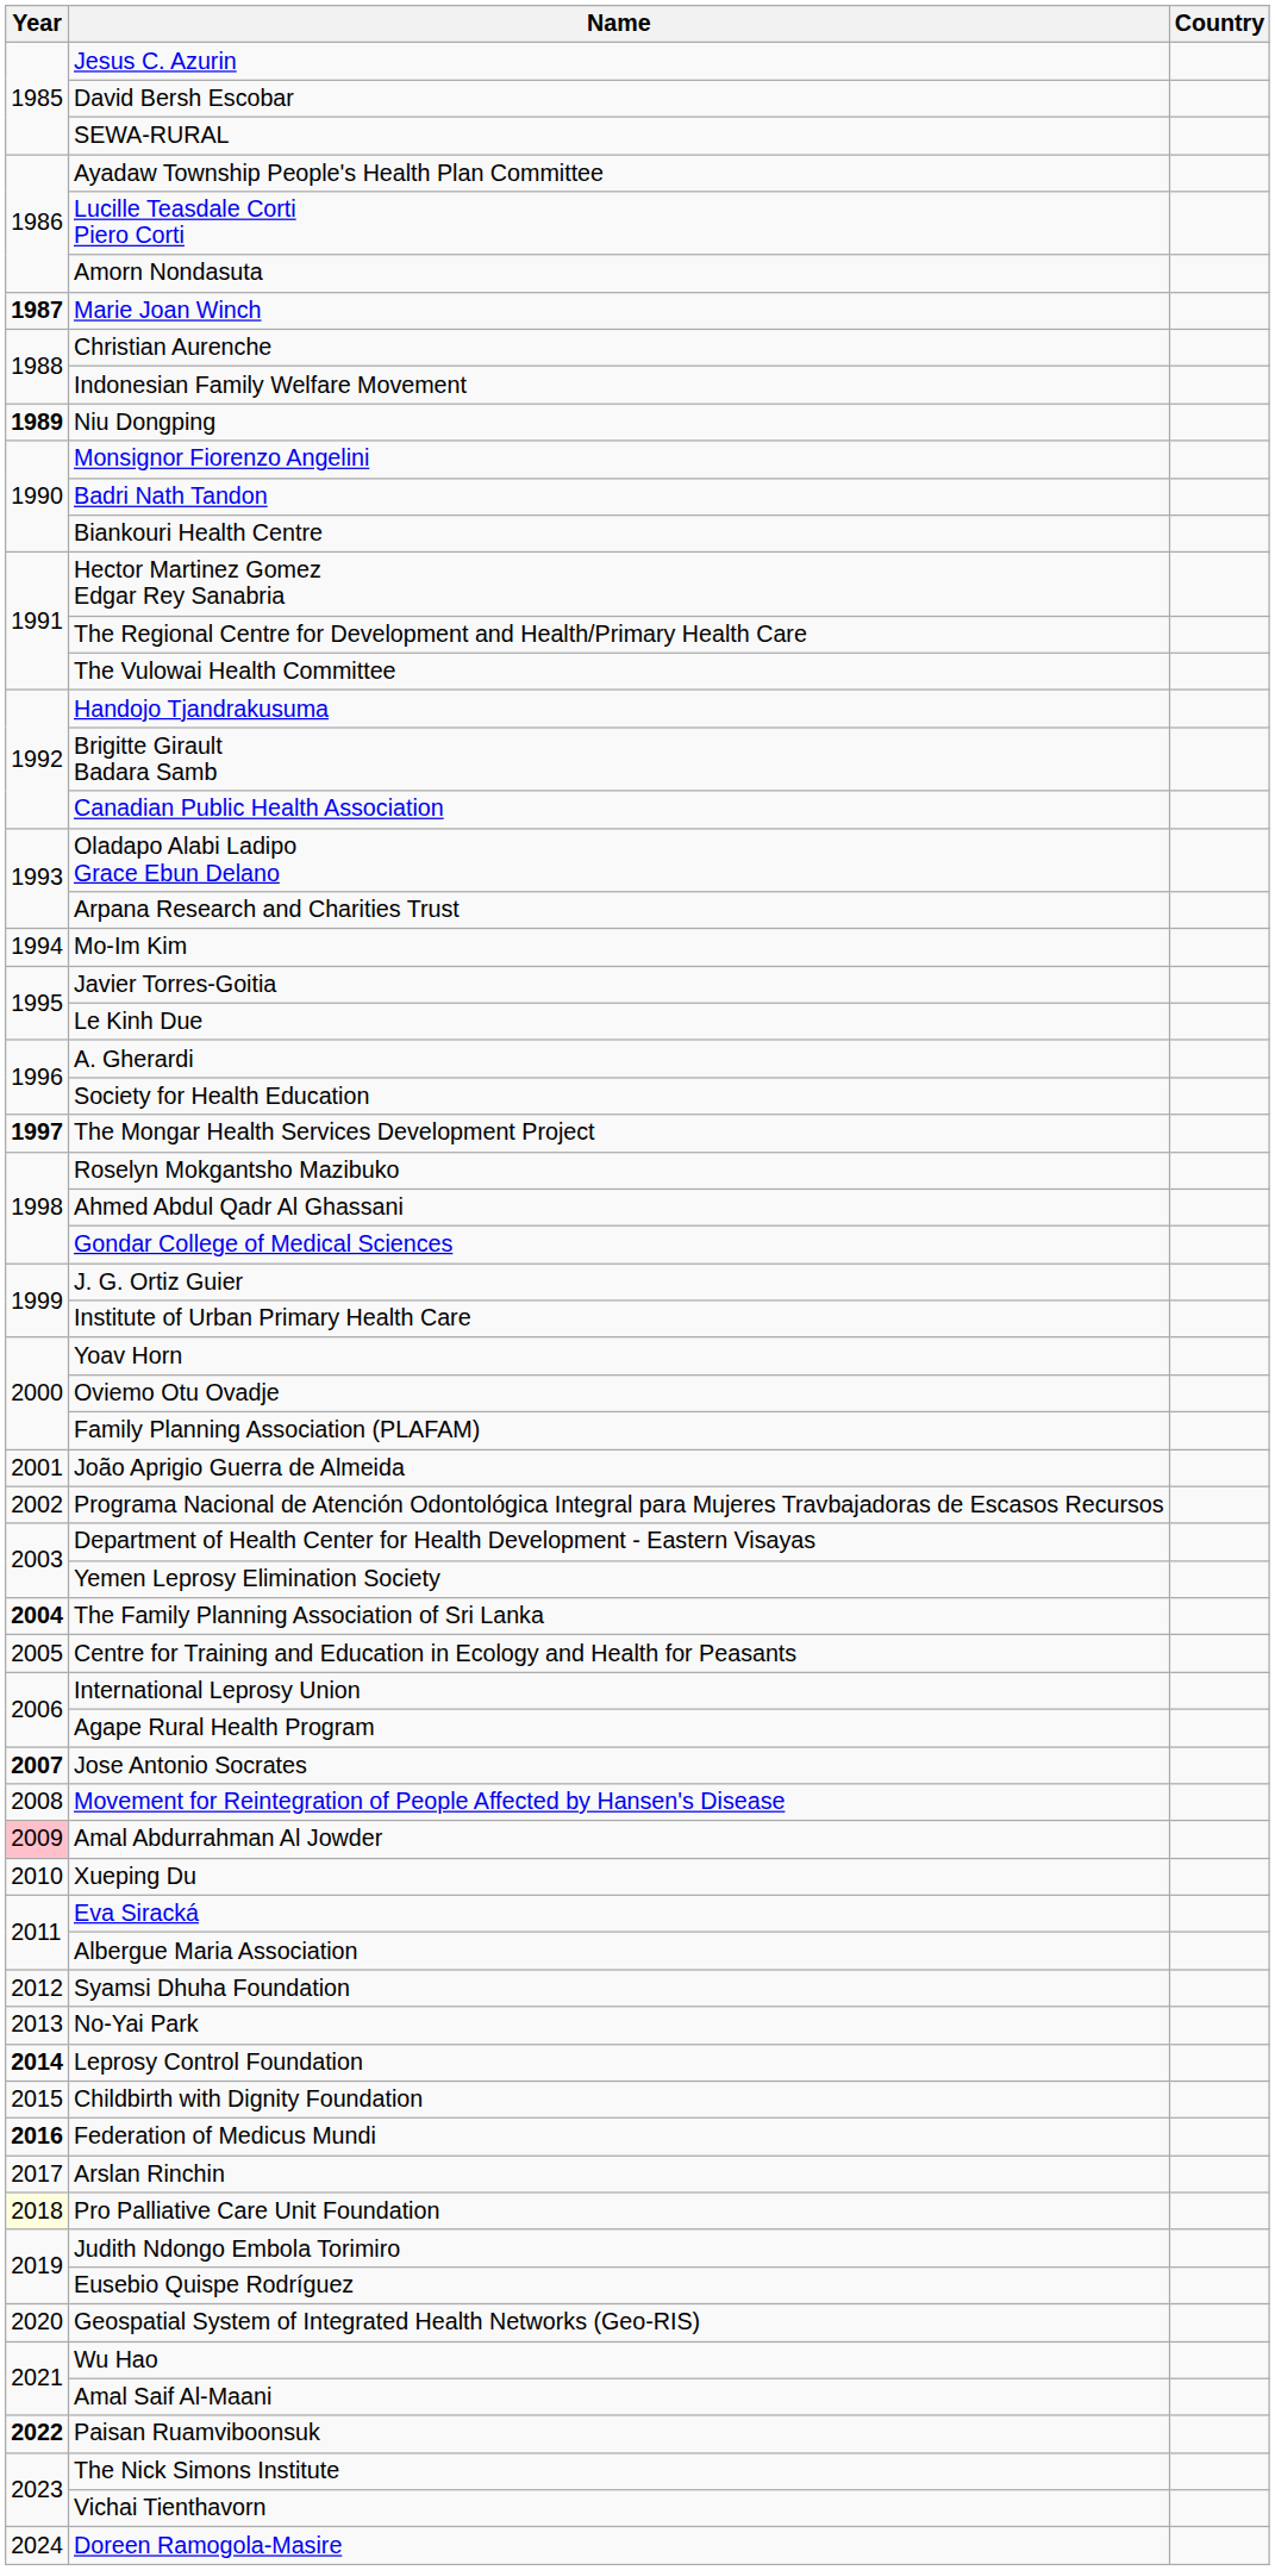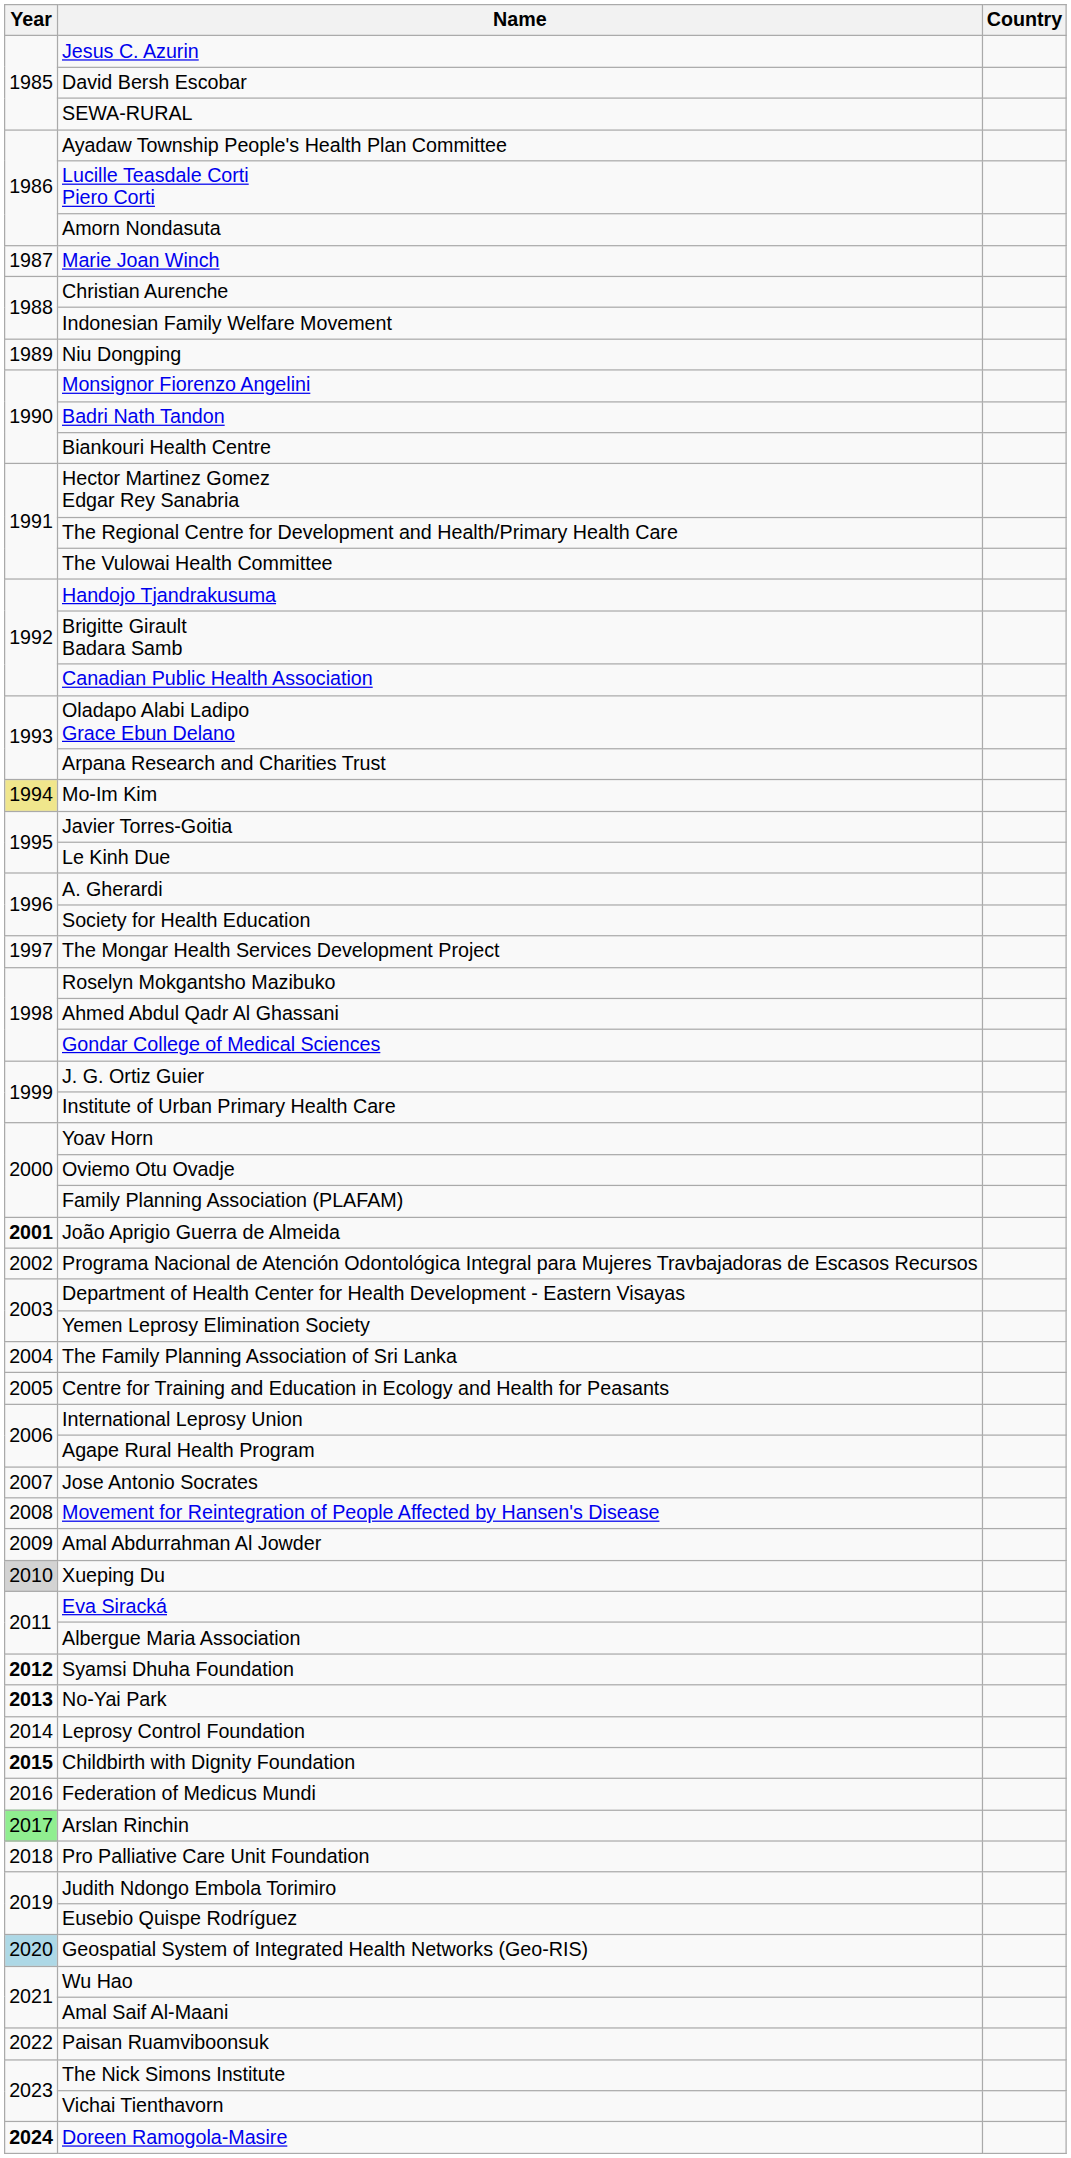 <table class="wikitable plainrowheaders sortable">
 <tr>
 <th>Year</th>
 <th>Name</th>
 <th>Country</th>
 </tr>
 <tr>
 <td rowspan="3" id="1985_">1985</td>
 <td><a href='#'>Jesus C. Azurin</a></td>
 <td></td>
 </tr>
 <tr>
 <td>David Bersh Escobar</td>
 <td></td>
 </tr>
 <tr>
 <td>SEWA-RURAL</td>
 <td></td>
 </tr>
 <tr>
 <td rowspan="3" id="1986_">1986</td>
 <td>Ayadaw Township People's Health Plan Committee</td>
 <td></td>
 </tr>
 <tr>
 <td><a href='#'>Lucille Teasdale Corti</a><br><a href='#'>Piero Corti</a></td>
 <td></td>
 </tr>
 <tr>
 <td>Amorn Nondasuta</td>
 <td></td>
 </tr>
 <tr>
-<td><strong>1987</strong></td>
+<td>1987</td>
 <td><a href='#'>Marie Joan Winch</a></td>
 <td></td>
 </tr>
 <tr>
 <td rowspan="2" id="1988_">1988</td>
 <td>Christian Aurenche</td>
 <td><br></td>
 </tr>
 <tr>
 <td>Indonesian Family Welfare Movement</td>
 <td></td>
 </tr>
 <tr>
-<td><strong>1989</strong></td>
+<td>1989</td>
 <td>Niu Dongping</td>
 <td></td>
 </tr>
 <tr>
 <td rowspan="3" id="1990_">1990</td>
 <td><a href='#'>Monsignor Fiorenzo Angelini</a></td>
 <td></td>
 </tr>
 <tr>
 <td><a href='#'>Badri Nath Tandon</a></td>
 <td></td>
 </tr>
 <tr>
 <td>Biankouri Health Centre</td>
 <td></td>
 </tr>
 <tr>
 <td rowspan="3" id="1991">1991</td>
 <td>Hector Martinez Gomez<br>Edgar Rey Sanabria</td>
 <td></td>
 </tr>
 <tr>
 <td>The Regional Centre for Development and Health/Primary Health Care</td>
 <td></td>
 </tr>
 <tr>
 <td>The Vulowai Health Committee</td>
 <td></td>
 </tr>
 <tr>
 <td rowspan="3" id="1992_">1992</td>
 <td><a href='#'>Handojo Tjandrakusuma</a></td>
 <td></td>
 </tr>
 <tr>
 <td>Brigitte Girault <br>Badara Samb</td>
 <td></td>
 </tr>
 <tr>
 <td><a href='#'>Canadian Public Health Association</a></td>
 <td></td>
 </tr>
 <tr>
 <td rowspan="2" id="1993_">1993</td>
 <td>Oladapo Alabi Ladipo<br><a href='#'>Grace Ebun Delano</a></td>
 <td></td>
 </tr>
 <tr>
 <td>Arpana Research and Charities Trust</td>
 <td></td>
 </tr>
 <tr>
-<td>1994</td>
+<td style="background: khaki;">1994</td>
 <td>Mo-Im Kim</td>
 <td></td>
 </tr>
 <tr>
 <td rowspan="2" id="1995_">1995</td>
 <td>Javier Torres-Goitia</td>
 <td></td>
 </tr>
 <tr>
 <td>Le Kinh Due</td>
 <td></td>
 </tr>
 <tr>
 <td rowspan="2" id="1996_">1996</td>
 <td>A. Gherardi</td>
 <td></td>
 </tr>
 <tr>
 <td>Society for Health Education</td>
 <td></td>
 </tr>
 <tr>
-<td><strong>1997</strong></td>
+<td>1997</td>
 <td>The Mongar Health Services Development Project</td>
 <td></td>
 </tr>
 <tr>
 <td rowspan="3" id="1998_">1998</td>
 <td>Roselyn Mokgantsho Mazibuko</td>
 <td></td>
 </tr>
 <tr>
 <td>Ahmed Abdul Qadr Al Ghassani</td>
 <td></td>
 </tr>
 <tr>
 <td><a href='#'>Gondar College of Medical Sciences</a></td>
 <td></td>
 </tr>
 <tr>
 <td rowspan="2" id="1999_">1999</td>
 <td>J. G. Ortiz Guier</td>
 <td></td>
 </tr>
 <tr>
 <td>Institute of Urban Primary Health Care</td>
 <td></td>
 </tr>
 <tr>
 <td rowspan="3" id="2000_">2000</td>
 <td>Yoav Horn</td>
 <td></td>
 </tr>
 <tr>
 <td>Oviemo Otu Ovadje</td>
 <td></td>
 </tr>
 <tr>
 <td>Family Planning Association (PLAFAM)</td>
 <td></td>
 </tr>
 <tr>
-<td>2001</td>
+<td><strong>2001</strong></td>
 <td>João Aprigio Guerra de Almeida</td>
 <td></td>
 </tr>
 <tr>
 <td>2002</td>
 <td>Programa Nacional de Atención Odontológica Integral para Mujeres Travbajadoras de Escasos Recursos</td>
 <td></td>
 </tr>
 <tr>
 <td rowspan="2" id="2003_">2003</td>
 <td>Department of Health Center for Health Development - Eastern Visayas</td>
 <td></td>
 </tr>
 <tr>
 <td>Yemen Leprosy Elimination Society</td>
 <td></td>
 </tr>
 <tr>
-<td><strong>2004</strong></td>
+<td>2004</td>
 <td>The Family Planning Association of Sri Lanka</td>
 <td></td>
 </tr>
 <tr>
 <td>2005</td>
 <td>Centre for Training and Education in Ecology and Health for Peasants</td>
 <td></td>
 </tr>
 <tr>
 <td rowspan="2" id="2006_">2006</td>
 <td>International Leprosy Union</td>
 <td></td>
 </tr>
 <tr>
 <td>Agape Rural Health Program</td>
 <td></td>
 </tr>
 <tr>
-<td><strong>2007</strong></td>
+<td>2007</td>
 <td>Jose Antonio Socrates</td>
 <td></td>
 </tr>
 <tr>
 <td>2008</td>
 <td><a href='#'>Movement for Reintegration of People Affected by Hansen's Disease</a></td>
 <td></td>
 </tr>
 <tr>
-<td style="background: pink;">2009</td>
+<td>2009</td>
 <td>Amal Abdurrahman Al Jowder</td>
 <td></td>
 </tr>
 <tr>
-<td>2010</td>
+<td style="background: lightgrey;">2010</td>
 <td>Xueping Du</td>
 <td></td>
 </tr>
 <tr>
 <td rowspan="2" id="2011_">2011</td>
 <td><a href='#'>Eva Siracká</a></td>
 <td></td>
 </tr>
 <tr>
 <td>Albergue Maria Association</td>
 <td></td>
 </tr>
 <tr>
-<td>2012</td>
+<td><strong>2012</strong></td>
 <td>Syamsi Dhuha Foundation</td>
 <td></td>
 </tr>
 <tr>
-<td>2013</td>
+<td><strong>2013</strong></td>
 <td>No-Yai Park</td>
 <td></td>
 </tr>
 <tr>
-<td><strong>2014</strong></td>
+<td>2014</td>
 <td>Leprosy Control Foundation</td>
 <td></td>
 </tr>
 <tr>
-<td>2015</td>
+<td><strong>2015</strong></td>
 <td>Childbirth with Dignity Foundation</td>
 <td></td>
 </tr>
 <tr>
-<td><strong>2016</strong></td>
+<td>2016</td>
 <td>Federation of Medicus Mundi</td>
 <td></td>
 </tr>
 <tr>
-<td>2017</td>
+<td style="background: lightgreen;">2017</td>
 <td>Arslan Rinchin</td>
 <td></td>
 </tr>
 <tr>
-<td style="background: lightyellow;">2018</td>
+<td>2018</td>
 <td>Pro Palliative Care Unit Foundation</td>
 <td></td>
 </tr>
 <tr>
 <td rowspan="2" id="2019">2019</td>
 <td>Judith Ndongo Embola Torimiro</td>
 <td></td>
 </tr>
 <tr>
 <td>Eusebio Quispe Rodríguez</td>
 <td></td>
 </tr>
 <tr>
-<td>2020</td>
+<td style="background: lightblue;">2020</td>
 <td>Geospatial System of Integrated Health Networks (Geo-RIS)</td>
 <td></td>
 </tr>
 <tr>
 <td rowspan="2" id="2021_">2021</td>
 <td>Wu Hao</td>
 <td></td>
 </tr>
 <tr>
 <td>Amal Saif Al-Maani</td>
 <td></td>
 </tr>
 <tr>
-<td><strong>2022</strong></td>
+<td>2022</td>
 <td>Paisan Ruamviboonsuk</td>
 <td></td>
 </tr>
 <tr>
 <td rowspan="2">2023</td>
 <td>The Nick Simons Institute</td>
 <td></td>
 </tr>
 <tr>
 <td>Vichai Tienthavorn</td>
 <td></td>
 </tr>
 <tr>
-<td>2024</td>
+<td><strong>2024</strong></td>
 <td><a href='#'>Doreen Ramogola-Masire</a></td>
 <td></td>
 </tr>
 </table>
